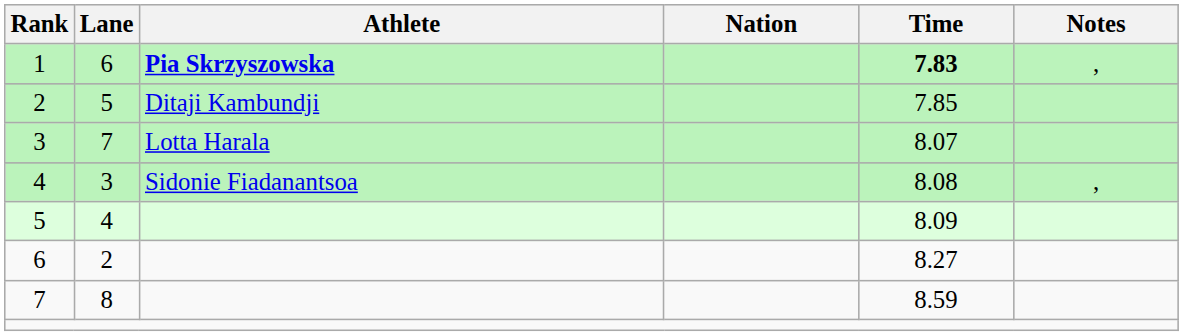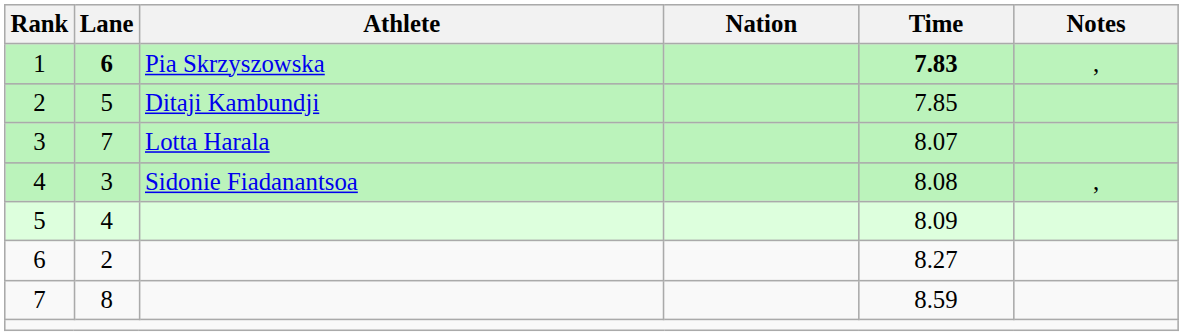 <table class="wikitable sortable" style="text-align:center;width: 60%;">
 <tr>
 <th scope="col" style="width: 10px;">Rank</th>
 <th scope="col" style="width: 10px;">Lane</th>
 <th scope="col">Athlete</th>
 <th scope="col">Nation</th>
 <th scope="col">Time</th>
 <th scope="col">Notes</th>
 </tr>
 <tr bgcolor=bbf3bb>
 <td>1</td>
-<td>6</td>
-<td align=left><strong><a href='#'>Pia Skrzyszowska</a></strong></td>
+<td><strong>6</strong></td>
+<td align=left><a href='#'>Pia Skrzyszowska</a></td>
 <td align=left></td>
 <td><strong>7.83</strong></td>
 <td>, </td>
 </tr>
 <tr bgcolor=bbf3bb>
 <td>2</td>
 <td>5</td>
 <td align=left><a href='#'>Ditaji Kambundji</a></td>
 <td align=left></td>
 <td>7.85</td>
 <td></td>
 </tr>
 <tr bgcolor=bbf3bb>
 <td>3</td>
 <td>7</td>
 <td align=left><a href='#'>Lotta Harala</a></td>
 <td align=left></td>
 <td>8.07</td>
 <td></td>
 </tr>
 <tr bgcolor=bbf3bb>
 <td>4</td>
 <td>3</td>
 <td align=left><a href='#'>Sidonie Fiadanantsoa</a></td>
 <td align=left></td>
 <td>8.08</td>
 <td>, </td>
 </tr>
 <tr bgcolor=ddffdd>
 <td>5</td>
 <td>4</td>
 <td align=left></td>
 <td align=left></td>
 <td>8.09</td>
 <td></td>
 </tr>
 <tr>
 <td>6</td>
 <td>2</td>
 <td align=left></td>
 <td align=left></td>
 <td>8.27</td>
 <td></td>
 </tr>
 <tr>
 <td>7</td>
 <td>8</td>
 <td align=left></td>
 <td align=left></td>
 <td>8.59</td>
 <td></td>
 </tr>
 <tr class="sortbottom">
 <td colspan="6"></td>
 </tr>
 </table>
